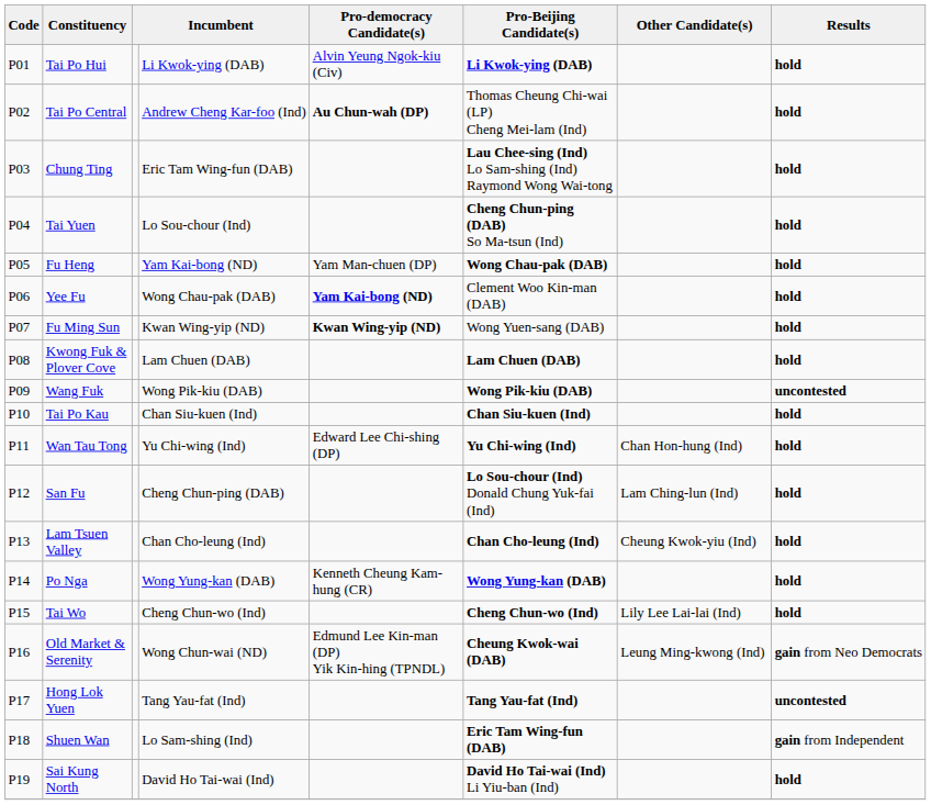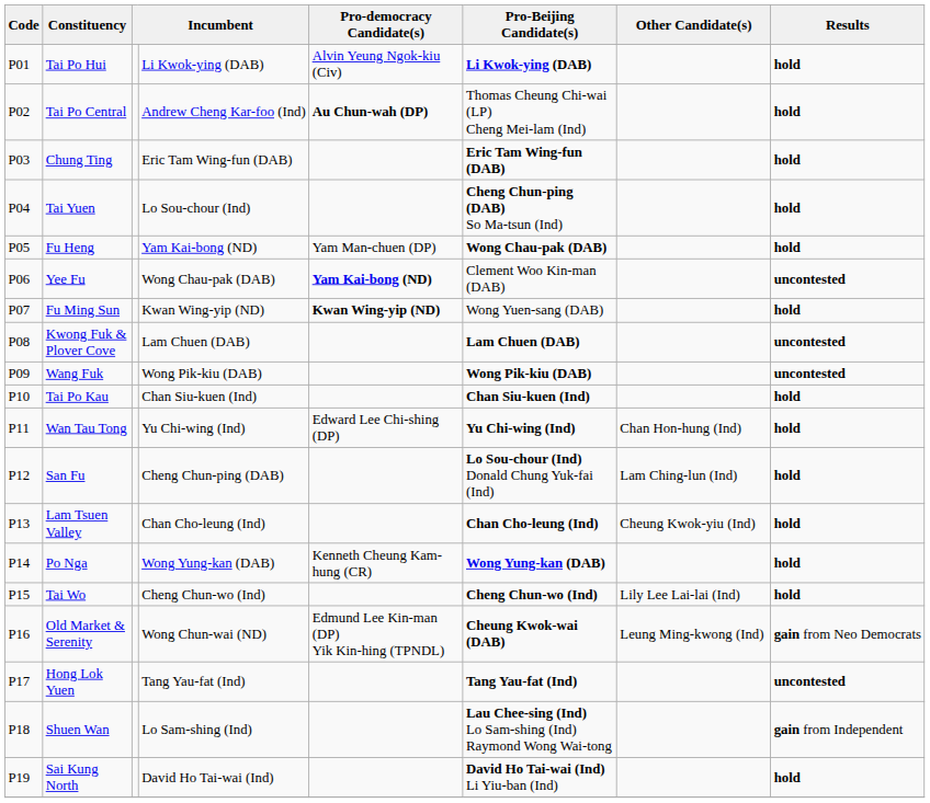 <table class="wikitable" style="font-size: 95%;">
 <tr>
 <th align="center" style="background:#f0f0f0;" width="20px">Code</th>
 <th align="center" style="background:#f0f0f0;" width="90px">Constituency</th>
 <th align="center" style="background:#f0f0f0;" width="120px" colspan=2>Incumbent</th>
 <th align="center" style="background:#f0f0f0;" width="160px">Pro-democracy Candidate(s)</th>
 <th align="center" style="background:#f0f0f0;" width="160px">Pro-Beijing Candidate(s)</th>
 <th align="center" style="background:#f0f0f0;" width="160px">Other Candidate(s)</th>
 <th align="center" style="background:#f0f0f0;" width="100px" colspan="2">Results</th>
 </tr>
 <tr>
 <td>P01</td>
 <td><a href='#'>Tai Po Hui</a></td>
 <td></td>
 <td><a href='#'>Li Kwok-ying</a> (DAB)</td>
 <td><a href='#'>Alvin Yeung Ngok-kiu</a> (Civ)</td>
 <td><strong><a href='#'>Li Kwok-ying</a> (DAB)</strong></td>
 <td></td>
 <td> <strong>hold</strong></td>
 </tr>
 <tr>
 <td>P02</td>
 <td><a href='#'>Tai Po Central</a></td>
 <td></td>
 <td><a href='#'>Andrew Cheng Kar-foo</a> (Ind)</td>
 <td><strong>Au Chun-wah (DP)</strong></td>
 <td>Thomas Cheung Chi-wai (LP)<br>Cheng Mei-lam (Ind)</td>
 <td></td>
 <td> <strong>hold</strong></td>
 </tr>
 <tr>
 <td>P03</td>
 <td><a href='#'>Chung Ting</a></td>
 <td></td>
 <td>Eric Tam Wing-fun (DAB)</td>
 <td></td>
-<td><strong> Lau Chee-sing (Ind)</strong><br>Lo Sam-shing (Ind)<br>Raymond Wong Wai-tong</td>
+<td><strong>Eric Tam Wing-fun (DAB)</strong></td>
 <td></td>
 <td> <strong>hold</strong></td>
 </tr>
 <tr>
 <td>P04</td>
 <td><a href='#'>Tai Yuen</a></td>
 <td></td>
 <td>Lo Sou-chour (Ind)</td>
 <td></td>
 <td><strong>Cheng Chun-ping (DAB)</strong><br>So Ma-tsun (Ind)</td>
 <td></td>
 <td> <strong>hold</strong></td>
 </tr>
 <tr>
 <td>P05</td>
 <td><a href='#'>Fu Heng</a></td>
 <td></td>
 <td><a href='#'>Yam Kai-bong</a> (ND)</td>
 <td>Yam Man-chuen (DP)</td>
 <td><strong>Wong Chau-pak (DAB)</strong></td>
 <td></td>
 <td> <strong>hold</strong></td>
 </tr>
 <tr>
 <td>P06</td>
 <td><a href='#'>Yee Fu</a></td>
 <td></td>
 <td>Wong Chau-pak (DAB)</td>
 <td><strong><a href='#'>Yam Kai-bong</a> (ND)</strong></td>
 <td>Clement Woo Kin-man (DAB)</td>
 <td></td>
-<td> <strong>hold</strong></td>
+<td> <strong>uncontested</strong></td>
 </tr>
 <tr>
 <td>P07</td>
 <td><a href='#'>Fu Ming Sun</a></td>
 <td></td>
 <td>Kwan Wing-yip (ND)</td>
 <td><strong>Kwan Wing-yip (ND)</strong></td>
 <td>Wong Yuen-sang (DAB)</td>
 <td></td>
 <td> <strong>hold</strong></td>
 </tr>
 <tr>
 <td>P08</td>
 <td><a href='#'>Kwong Fuk & Plover Cove</a></td>
 <td></td>
 <td>Lam Chuen (DAB)</td>
 <td></td>
 <td><strong>Lam Chuen (DAB)</strong></td>
 <td></td>
-<td> <strong>hold</strong></td>
+<td> <strong>uncontested</strong></td>
 </tr>
 <tr>
 <td>P09</td>
 <td><a href='#'>Wang Fuk</a></td>
 <td></td>
 <td>Wong Pik-kiu (DAB)</td>
 <td></td>
 <td><strong>Wong Pik-kiu (DAB)</strong></td>
 <td></td>
 <td> <strong>uncontested</strong></td>
 </tr>
 <tr>
 <td>P10</td>
 <td><a href='#'>Tai Po Kau</a></td>
 <td></td>
 <td>Chan Siu-kuen (Ind)</td>
 <td></td>
 <td><strong>Chan Siu-kuen (Ind)</strong></td>
 <td></td>
 <td> <strong>hold</strong></td>
 </tr>
 <tr>
 <td>P11</td>
 <td><a href='#'>Wan Tau Tong</a></td>
 <td></td>
 <td>Yu Chi-wing (Ind)</td>
 <td>Edward Lee Chi-shing (DP)</td>
 <td><strong>Yu Chi-wing (Ind)</strong></td>
 <td>Chan Hon-hung (Ind)</td>
 <td> <strong>hold</strong></td>
 </tr>
 <tr>
 <td>P12</td>
 <td><a href='#'>San Fu</a></td>
 <td></td>
 <td>Cheng Chun-ping (DAB)</td>
 <td></td>
 <td><strong>Lo Sou-chour (Ind)</strong><br>Donald Chung Yuk-fai (Ind)</td>
 <td>Lam Ching-lun (Ind)</td>
 <td> <strong>hold</strong></td>
 </tr>
 <tr>
 <td>P13</td>
 <td><a href='#'>Lam Tsuen Valley</a></td>
 <td></td>
 <td>Chan Cho-leung (Ind)</td>
 <td></td>
 <td><strong>Chan Cho-leung (Ind)</strong></td>
 <td>Cheung Kwok-yiu (Ind)</td>
 <td> <strong>hold</strong></td>
 </tr>
 <tr>
 <td>P14</td>
 <td><a href='#'>Po Nga</a></td>
 <td></td>
 <td><a href='#'>Wong Yung-kan</a> (DAB)</td>
 <td>Kenneth Cheung Kam-hung (CR)</td>
 <td><strong><a href='#'>Wong Yung-kan</a> (DAB)</strong></td>
 <td></td>
 <td> <strong>hold</strong></td>
 </tr>
 <tr>
 <td>P15</td>
 <td><a href='#'>Tai Wo</a></td>
 <td></td>
 <td>Cheng Chun-wo (Ind)</td>
 <td></td>
 <td><strong>Cheng Chun-wo (Ind)</strong></td>
 <td>Lily Lee Lai-lai (Ind)</td>
 <td> <strong>hold</strong></td>
 </tr>
 <tr>
 <td>P16</td>
 <td><a href='#'>Old Market & Serenity</a></td>
 <td></td>
 <td>Wong Chun-wai (ND)</td>
 <td>Edmund Lee Kin-man (DP)<br>Yik Kin-hing (TPNDL)</td>
 <td><strong> Cheung Kwok-wai (DAB)</strong></td>
 <td>Leung Ming-kwong (Ind)</td>
 <td> <strong>gain</strong> from Neo Democrats</td>
 </tr>
 <tr>
 <td>P17</td>
 <td><a href='#'>Hong Lok Yuen</a></td>
 <td></td>
 <td>Tang Yau-fat (Ind)</td>
 <td></td>
 <td><strong> Tang Yau-fat (Ind)</strong></td>
 <td></td>
 <td> <strong>uncontested</strong></td>
 </tr>
 <tr>
 <td>P18</td>
 <td><a href='#'>Shuen Wan</a></td>
 <td></td>
 <td>Lo Sam-shing (Ind)</td>
 <td></td>
-<td><strong>Eric Tam Wing-fun (DAB)</strong></td>
+<td><strong> Lau Chee-sing (Ind)</strong><br>Lo Sam-shing (Ind)<br>Raymond Wong Wai-tong</td>
 <td></td>
 <td> <strong>gain</strong> from Independent</td>
 </tr>
 <tr>
 <td>P19</td>
 <td><a href='#'>Sai Kung North</a></td>
 <td></td>
 <td>David Ho Tai-wai (Ind)</td>
 <td></td>
 <td><strong>David Ho Tai-wai (Ind)</strong><br>Li Yiu-ban (Ind)</td>
 <td></td>
 <td> <strong>hold</strong></td>
 </tr>
 <tr>
 </tr>
 </table>
